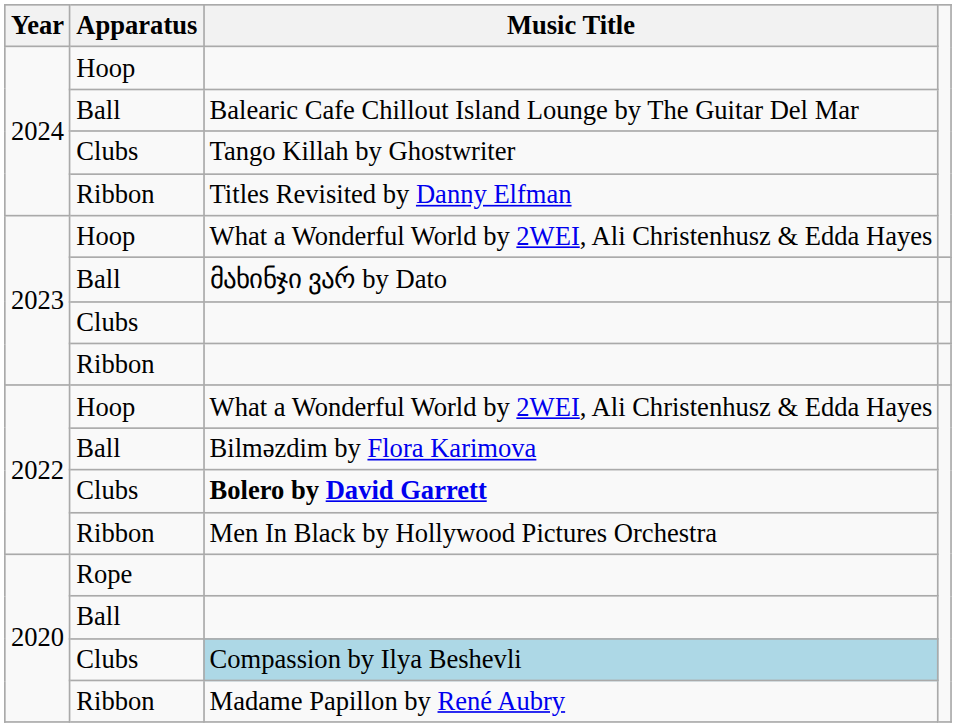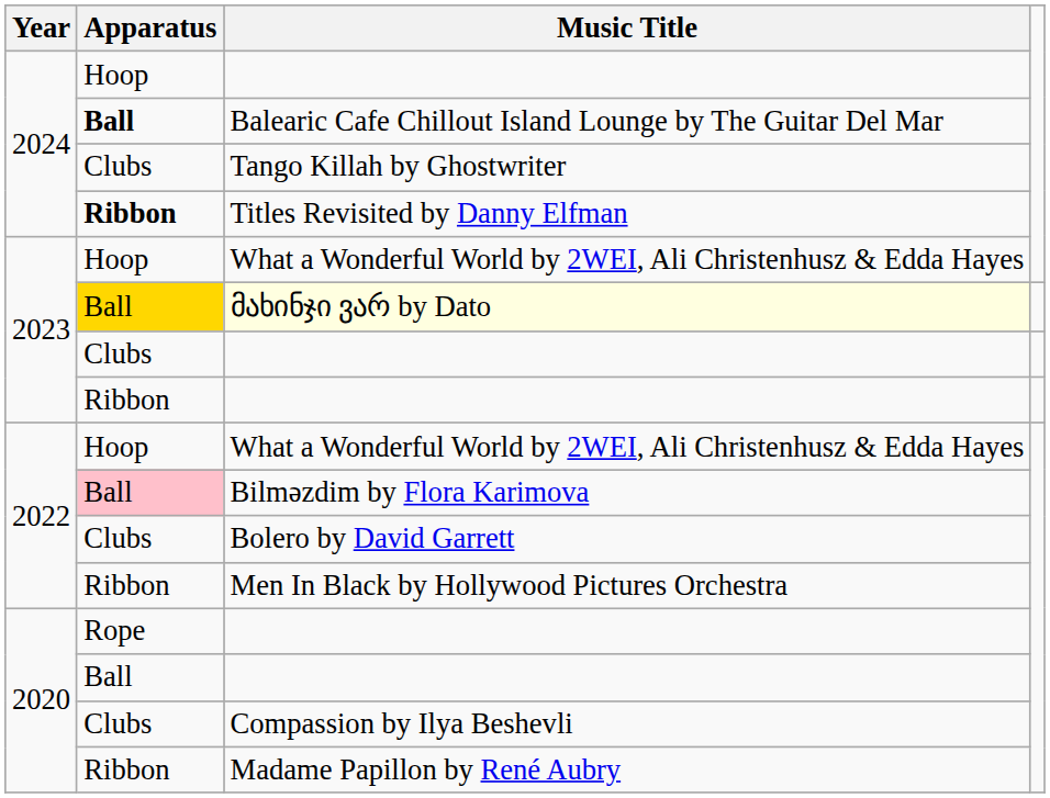 <table class="wikitable">
 <tr>
 <th>Year</th>
 <th>Apparatus</th>
 <th>Music Title</th>
 </tr>
 <tr>
 <td rowspan="4">2024</td>
 <td>Hoop</td>
 <td></td>
 </tr>
 <tr>
-<td>Ball</td>
+<td><strong>Ball</strong></td>
 <td>Balearic Cafe Chillout Island Lounge by The Guitar Del Mar</td>
 </tr>
 <tr>
 <td>Clubs</td>
 <td>Tango Killah by Ghostwriter</td>
 </tr>
 <tr>
-<td>Ribbon</td>
+<td><strong>Ribbon</strong></td>
 <td>Titles Revisited by <a href='#'>Danny Elfman</a></td>
 </tr>
 <tr>
 <td rowspan="4">2023</td>
 <td>Hoop</td>
 <td>What a Wonderful World by <a href='#'>2WEI</a>, Ali Christenhusz & Edda Hayes</td>
 </tr>
 <tr>
-<td>Ball</td>
-<td>მახინჯი ვარ by Dato</td>
+<td style="background: gold;">Ball</td>
+<td style="background: lightyellow;">მახინჯი ვარ by Dato</td>
 <td></td>
 </tr>
 <tr>
 <td>Clubs</td>
 <td></td>
 <td></td>
 </tr>
 <tr>
 <td>Ribbon</td>
 <td></td>
 <td></td>
 </tr>
 <tr>
 <td rowspan="4">2022</td>
 <td>Hoop</td>
 <td>What a Wonderful World by <a href='#'>2WEI</a>, Ali Christenhusz & Edda Hayes</td>
 </tr>
 <tr>
-<td>Ball</td>
+<td style="background: pink;">Ball</td>
 <td>Bilməzdim by <a href='#'>Flora Karimova</a></td>
 </tr>
 <tr>
 <td>Clubs</td>
-<td><strong>Bolero by <a href='#'>David Garrett</a></strong></td>
+<td>Bolero by <a href='#'>David Garrett</a></td>
 </tr>
 <tr>
 <td>Ribbon</td>
 <td>Men In Black by Hollywood Pictures Orchestra</td>
 </tr>
 <tr>
 <td rowspan="4">2020</td>
 <td>Rope</td>
 <td></td>
 </tr>
 <tr>
 <td>Ball</td>
 <td></td>
 </tr>
 <tr>
 <td>Clubs</td>
-<td style="background: lightblue;">Compassion by Ilya Beshevli</td>
+<td>Compassion by Ilya Beshevli</td>
 </tr>
 <tr>
 <td>Ribbon</td>
 <td>Madame Papillon by <a href='#'>René Aubry</a></td>
 </tr>
 </table>
